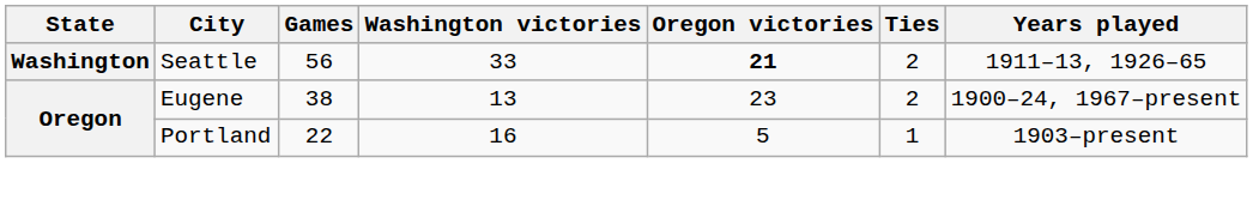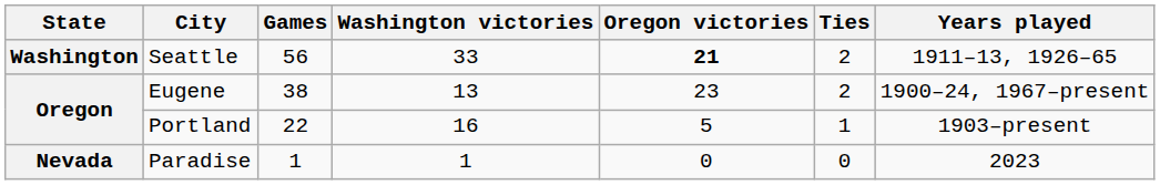 <table class="wikitable sortable">
 <tr>
 <th>State</th>
 <th width="10%">City</th>
 <th>Games</th>
 <th>Washington victories</th>
 <th>Oregon victories</th>
 <th>Ties</th>
 <th>Years played</th>
 </tr>
 <tr>
 <th>Washington</th>
 <td>Seattle</td>
 <td style="text-align:center;">56</td>
 <td style="text-align:center;">33</td>
 <td style="text-align:center;"><strong>21</strong></td>
 <td style="text-align:center;">2</td>
 <td style="text-align:center;">1911–13, 1926–65</td>
 </tr>
 <tr>
 <th rowspan="2">Oregon</th>
 <td>Eugene</td>
 <td style="text-align:center;">38</td>
 <td style="text-align:center;">13</td>
 <td style="text-align:center;">23</td>
 <td style="text-align:center;">2</td>
 <td style="text-align:center;">1900–24, 1967–present</td>
 </tr>
 <tr>
 <td>Portland</td>
 <td style="text-align:center;">22</td>
 <td style="text-align:center;">16</td>
 <td style="text-align:center;">5</td>
 <td style="text-align:center;">1</td>
 <td style="text-align:center;">1903–present</td>
 </tr>
+<tr>
+<th>Nevada</th>
+<td>Paradise</td>
+<td style="text-align:center;">1</td>
+<td style="text-align:center;">1</td>
+<td style="text-align:center;">0</td>
+<td style="text-align:center;">0</td>
+<td style="text-align:center;">2023</td>
+</tr>
 </table>
